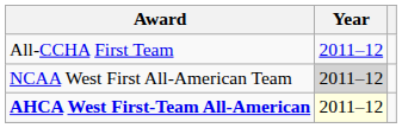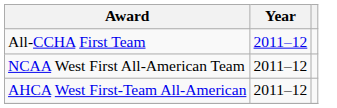 <table class="wikitable">
 <tr>
 <th>Award</th>
 <th>Year</th>
 <th></th>
 </tr>
 <tr>
 <td>All-<a href='#'>CCHA</a> <a href='#'>First Team</a></td>
 <td><a href='#'>2011–12</a></td>
 <td></td>
 </tr>
 <tr>
 <td><a href='#'>NCAA</a> West First All-American Team</td>
-<td style="background: lightgrey;">2011–12</td>
+<td>2011–12</td>
 <td></td>
 </tr>
 <tr>
-<td><strong><a href='#'>AHCA</a> <a href='#'>West First-Team All-American</a></strong></td>
-<td style="background: lightyellow;">2011–12</td>
+<td><a href='#'>AHCA</a> <a href='#'>West First-Team All-American</a></td>
+<td>2011–12</td>
 <td></td>
 </tr>
 <tr>
 </tr>
 </table>
